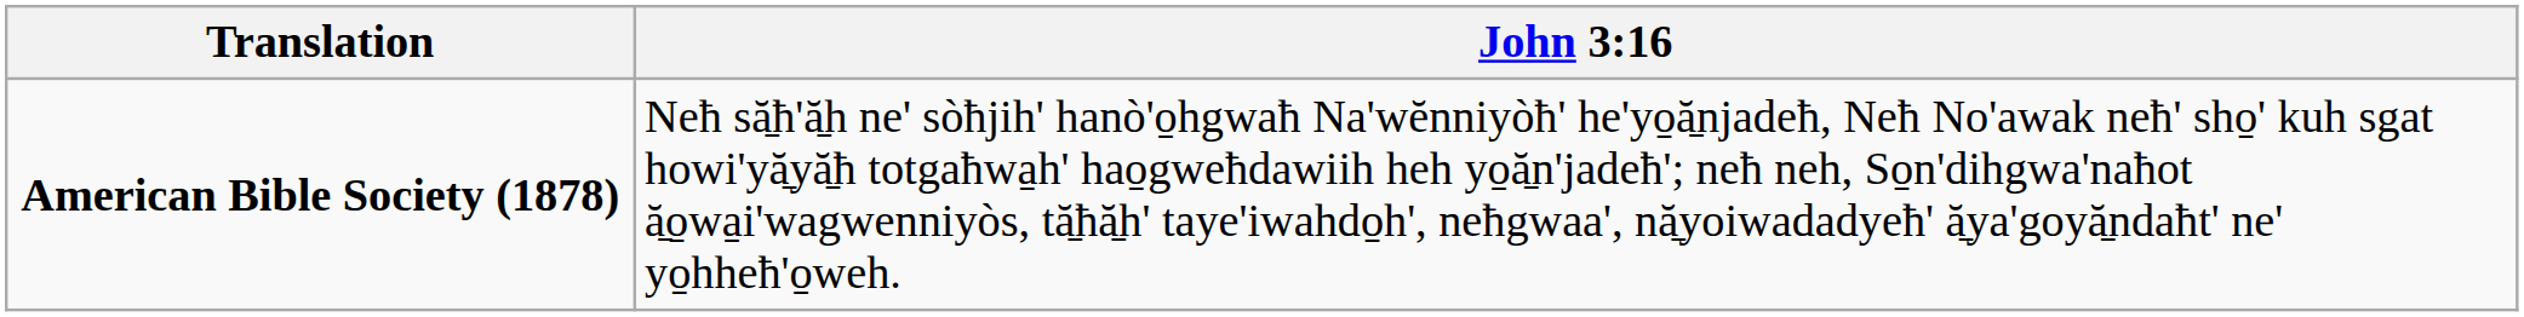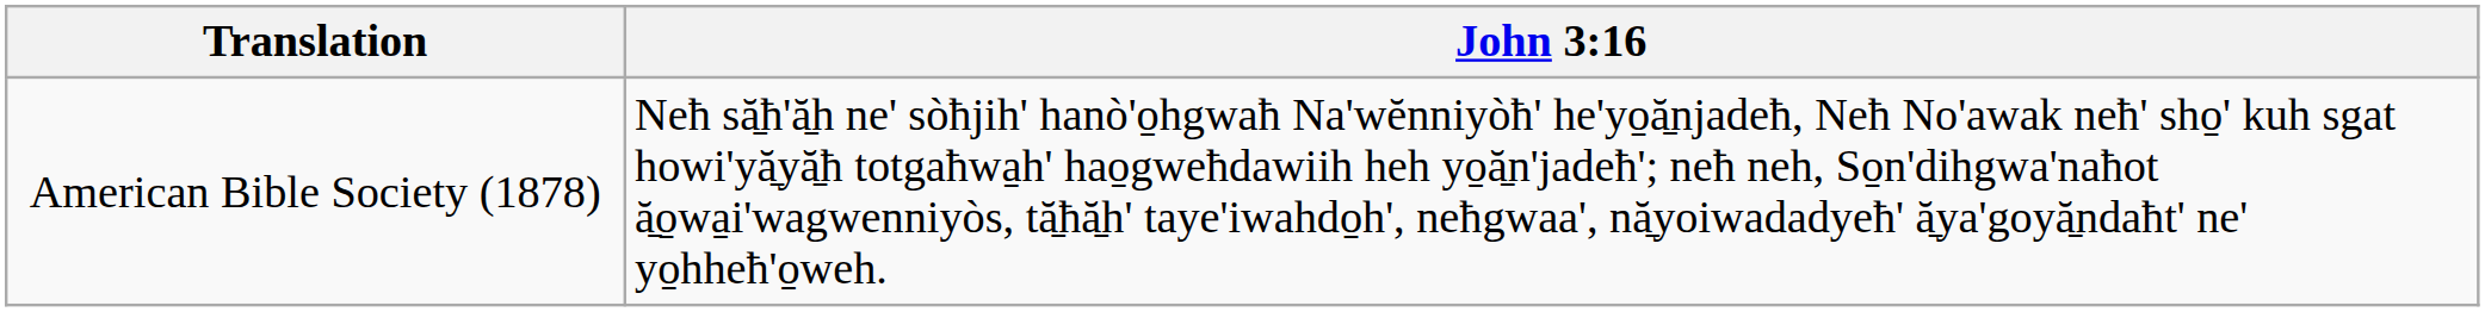 <table class="wikitable">
 <tr>
 <th style="width:25%;">Translation</th>
 <th><a href='#'>John</a> 3:16</th>
 </tr>
 <tr>
-<td style="text-align:center;"><strong>American Bible Society (1878)</strong></td>
+<td style="text-align:center;">American Bible Society (1878)</td>
 <td>Neħ să̱ħ'ă̱h ne' sòħjih' hanò'o̱hgwaħ Na'wĕnniyòħ' he'yo̱ă̱njadeħ, Neħ No'awak neħ' sho̱' kuh sgat howi'yă̱yă̱ħ totgaħwa̱h' hao̱gweħdawiih heh yo̱ă̱n'jadeħ'; neħ neh, So̱n'dihgwa'naħot ă̱o̱wa̱i'wagwenniyòs, tă̱ħă̱h' taye'iwahdo̱h', neħgwaa', nă̱yoiwadadyeħ' ă̱ya'goyă̱ndaħt' ne' yo̱hheħ'o̱weh.</td>
 </tr>
 </table>
